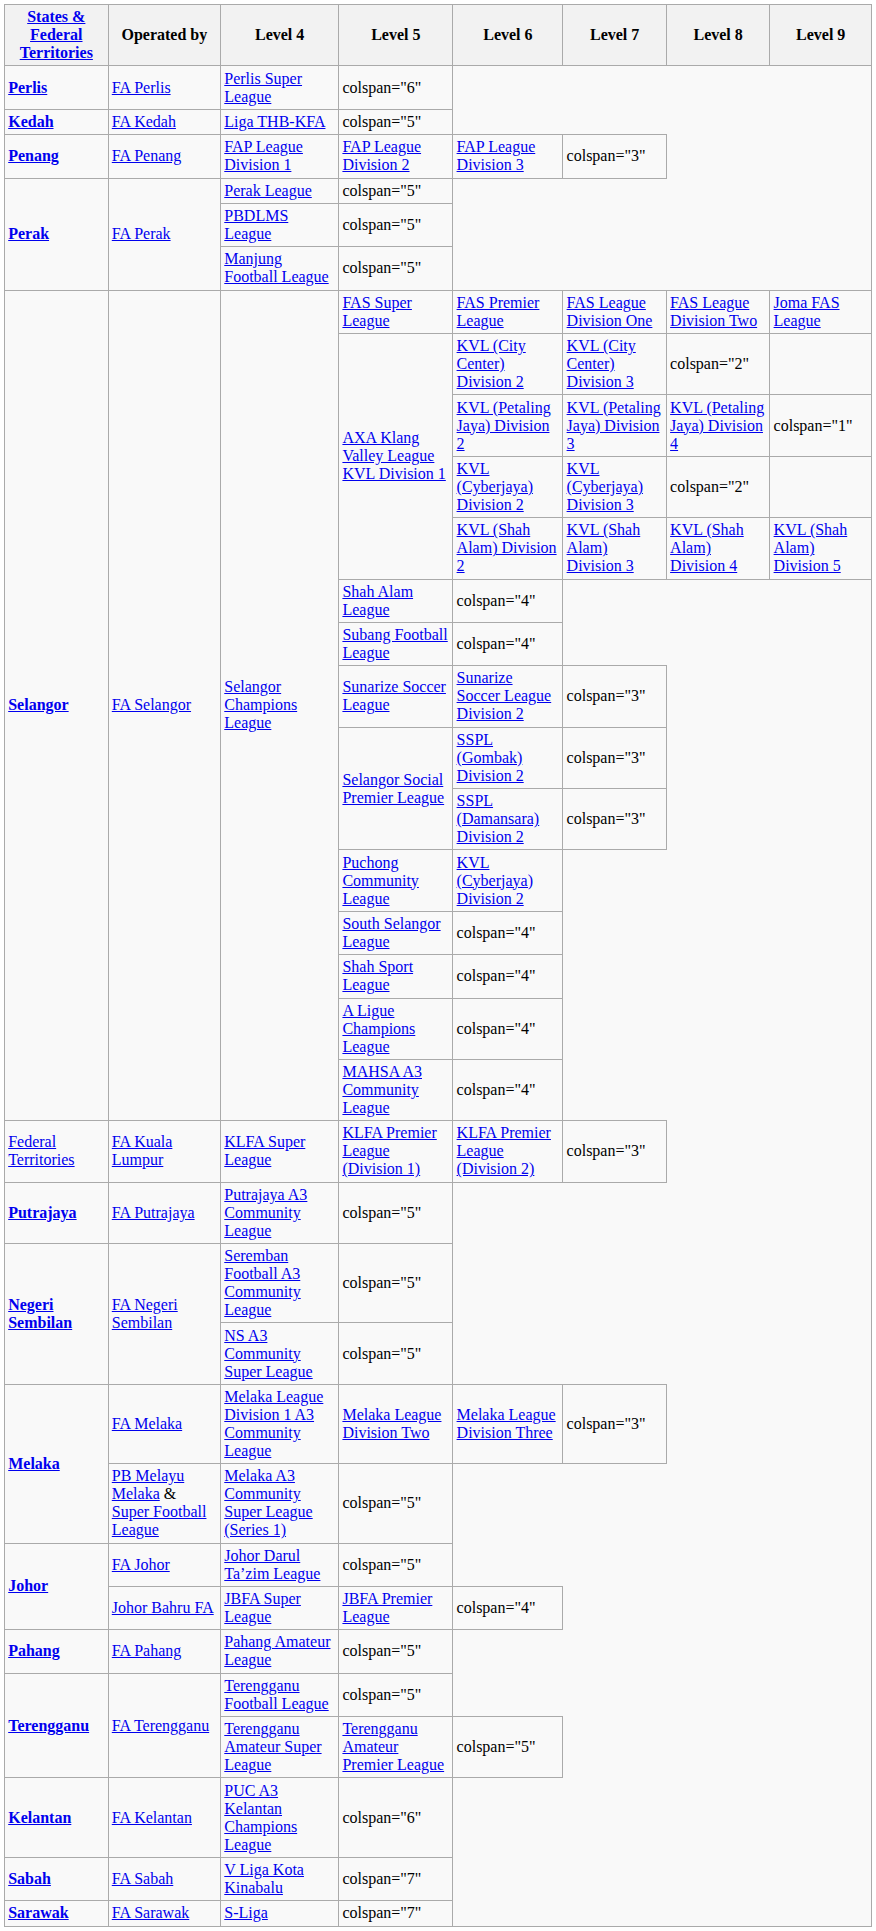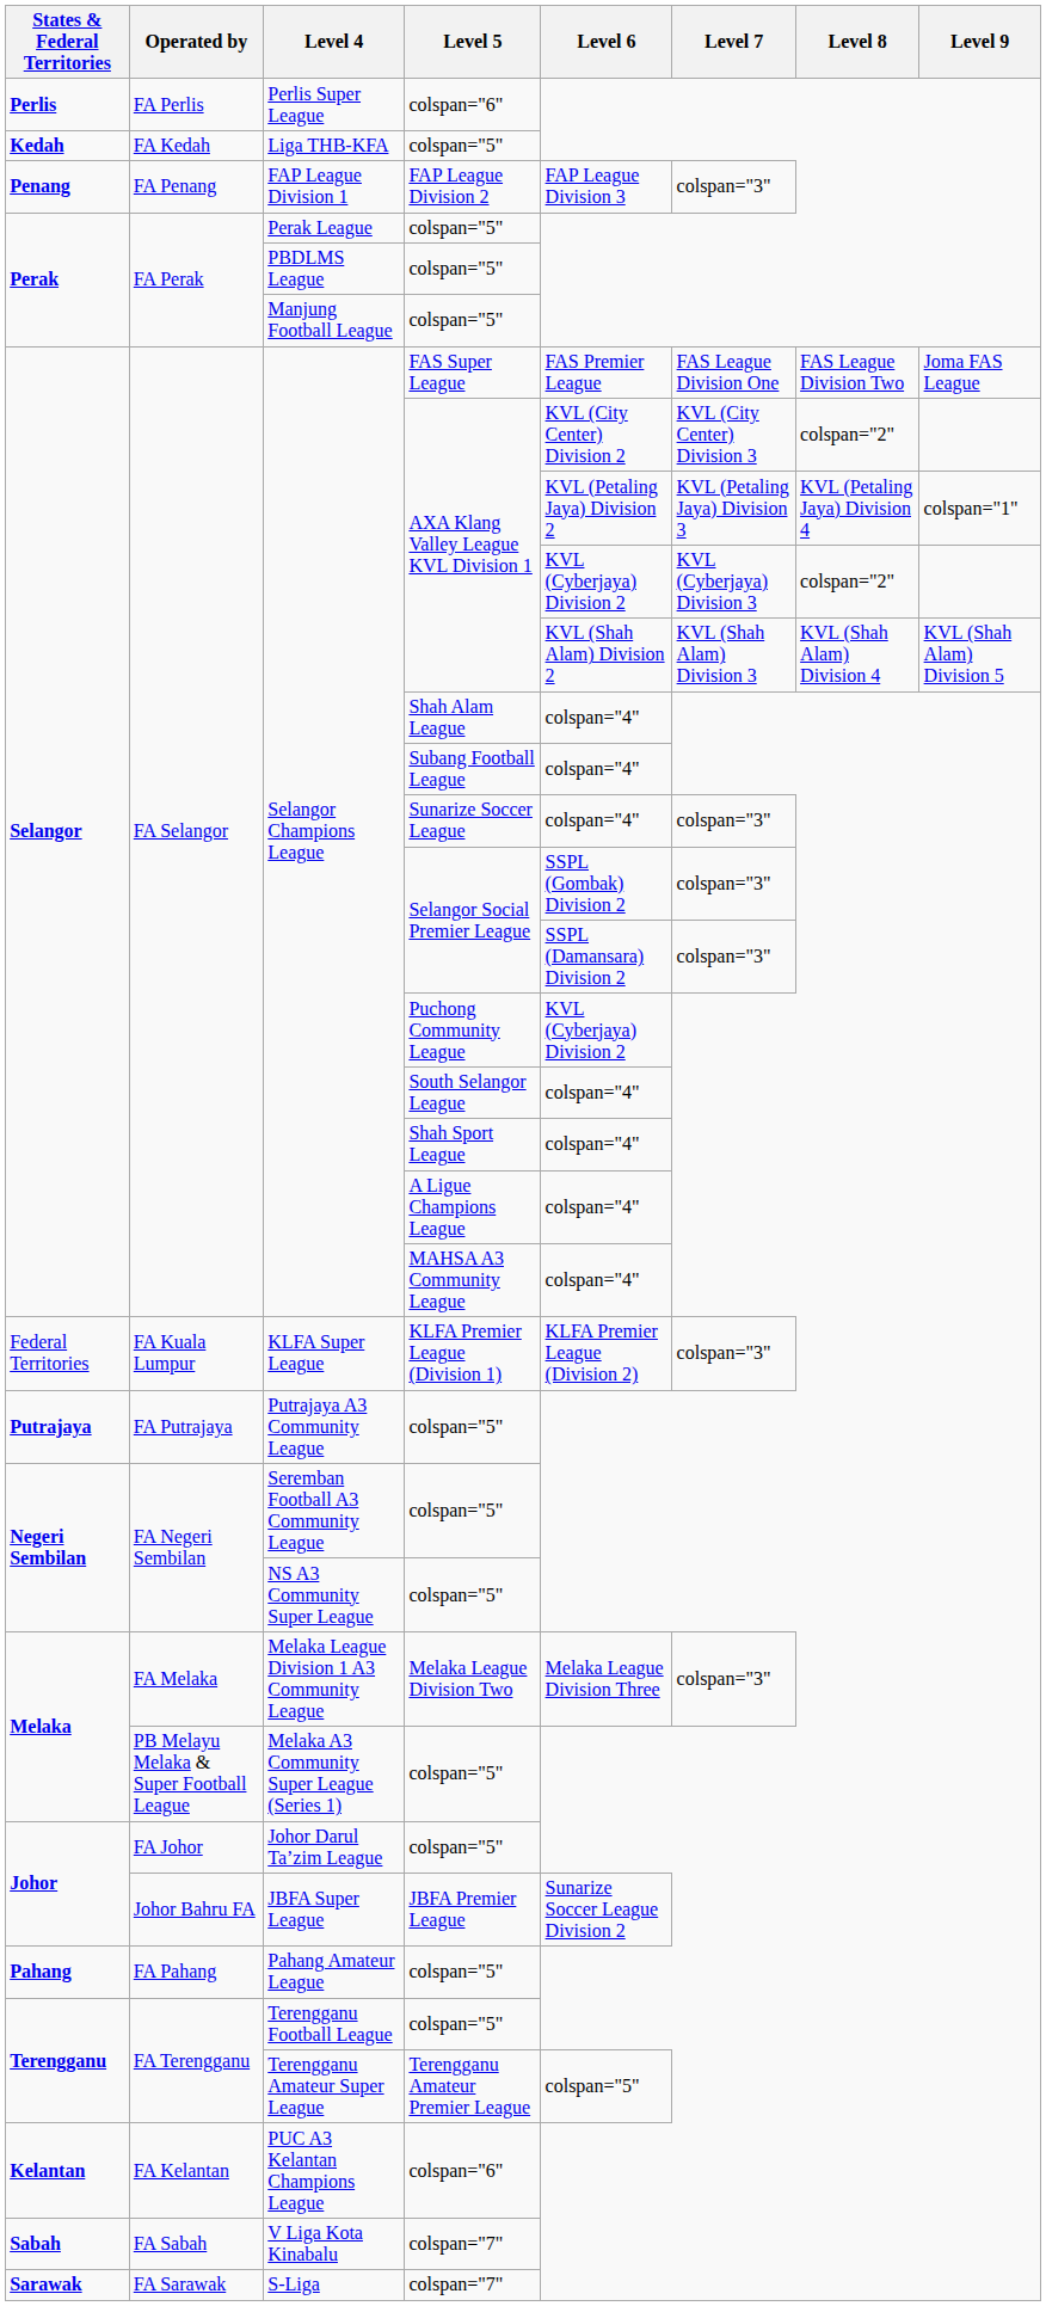 <table class="wikitable sortable">
 <tr>
 <th align="centre"><a href='#'>States & Federal Territories</a></th>
 <th>Operated by</th>
 <th>Level 4</th>
 <th>Level 5</th>
 <th>Level 6</th>
 <th>Level 7</th>
 <th>Level 8</th>
 <th>Level 9</th>
 </tr>
 <tr>
 <td align="centre"> <strong><a href='#'>Perlis</a></strong></td>
 <td><a href='#'>FA Perlis</a></td>
 <td><a href='#'>Perlis Super League</a></td>
 <td>colspan="6" </td>
 </tr>
 <tr>
 <td align="centre"> <strong><a href='#'>Kedah</a></strong></td>
 <td><a href='#'>FA Kedah</a></td>
 <td><a href='#'>Liga THB-KFA</a></td>
 <td>colspan="5" </td>
 </tr>
 <tr>
 <td align="centre"> <strong><a href='#'>Penang</a></strong></td>
 <td><a href='#'>FA Penang</a></td>
 <td><a href='#'>FAP League Division 1</a></td>
 <td><a href='#'>FAP League Division 2</a></td>
 <td><a href='#'>FAP League Division 3</a></td>
 <td>colspan="3" </td>
 </tr>
 <tr>
 </tr>
 <tr>
 <td rowspan="3" align="centre"> <strong><a href='#'>Perak</a></strong></td>
 <td rowspan="3"><a href='#'>FA Perak</a></td>
 <td><a href='#'>Perak League</a></td>
 <td>colspan="5" </td>
 </tr>
 <tr>
 <td><a href='#'>PBDLMS League</a></td>
 <td>colspan="5" </td>
 </tr>
 <tr>
 <td><a href='#'>Manjung Football League</a></td>
 <td>colspan="5" </td>
 </tr>
 <tr>
 <td rowspan="15" align="centre"> <strong><a href='#'>Selangor</a></strong></td>
 <td rowspan="15"><a href='#'>FA Selangor</a></td>
 <td rowspan="15" colspan="1" align="centre"><a href='#'>Selangor Champions League</a></td>
 <td><a href='#'>FAS Super League</a></td>
 <td><a href='#'>FAS Premier League</a></td>
 <td><a href='#'>FAS League Division One</a></td>
 <td><a href='#'>FAS League Division Two</a></td>
 <td><a href='#'>Joma FAS League</a></td>
 </tr>
 <tr>
 <td rowspan="4" colspan="1" align="centre"><a href='#'>AXA Klang Valley League KVL Division 1</a></td>
 <td><a href='#'>KVL (City Center) Division 2</a></td>
 <td><a href='#'>KVL (City Center) Division 3</a></td>
 <td>colspan="2" </td>
 </tr>
 <tr>
 <td><a href='#'>KVL (Petaling Jaya) Division 2</a></td>
 <td><a href='#'>KVL (Petaling Jaya) Division 3</a></td>
 <td><a href='#'>KVL (Petaling Jaya) Division 4</a></td>
 <td>colspan="1" </td>
 </tr>
 <tr>
 <td><a href='#'>KVL (Cyberjaya) Division 2</a></td>
 <td><a href='#'>KVL (Cyberjaya) Division 3</a></td>
 <td>colspan="2" </td>
 </tr>
 <tr>
 <td><a href='#'>KVL (Shah Alam) Division 2</a></td>
 <td><a href='#'>KVL (Shah Alam) Division 3</a></td>
 <td><a href='#'>KVL (Shah Alam) Division 4</a></td>
 <td><a href='#'>KVL (Shah Alam) Division 5</a></td>
 </tr>
 <tr>
 <td><a href='#'>Shah Alam League</a></td>
 <td>colspan="4" </td>
 </tr>
 <tr>
 <td><a href='#'>Subang Football League</a></td>
 <td>colspan="4" </td>
 </tr>
 <tr>
 <td><a href='#'>Sunarize Soccer League</a></td>
-<td><a href='#'>Sunarize Soccer League Division 2</a></td>
+<td>colspan="4" </td>
 <td>colspan="3" </td>
 </tr>
 <tr>
 <td rowspan="2" colspan="1" align="centre"><a href='#'>Selangor Social Premier League</a></td>
 <td><a href='#'>SSPL (Gombak) Division 2</a></td>
 <td>colspan="3" </td>
 </tr>
 <tr>
 <td><a href='#'>SSPL (Damansara) Division 2</a></td>
 <td>colspan="3" </td>
 </tr>
 <tr>
 <td><a href='#'>Puchong Community League</a></td>
 <td><a href='#'>KVL (Cyberjaya) Division 2</a></td>
 </tr>
 <tr>
 <td><a href='#'>South Selangor League</a></td>
 <td>colspan="4" </td>
 </tr>
 <tr>
 <td><a href='#'>Shah Sport League</a></td>
 <td>colspan="4" </td>
 </tr>
 <tr>
 <td><a href='#'>A Ligue Champions League</a></td>
 <td>colspan="4" </td>
 </tr>
 <tr>
 <td><a href='#'>MAHSA A3 Community League</a></td>
 <td>colspan="4" </td>
 </tr>
 <tr>
 <td align="centre"> <a href='#'>Federal Territories</a></td>
 <td><a href='#'>FA Kuala Lumpur</a></td>
 <td><a href='#'>KLFA Super League</a></td>
 <td><a href='#'>KLFA Premier League (Division 1)</a></td>
 <td><a href='#'>KLFA Premier League (Division 2)</a></td>
 <td>colspan="3" </td>
 </tr>
 <tr>
 <td align="centre"> <strong><a href='#'>Putrajaya</a></strong></td>
 <td><a href='#'>FA Putrajaya</a></td>
 <td><a href='#'>Putrajaya A3 Community League</a></td>
 <td>colspan="5" </td>
 </tr>
 <tr>
 <td rowspan="2" align="centre"> <strong><a href='#'>Negeri Sembilan</a></strong></td>
 <td rowspan="2"><a href='#'>FA Negeri Sembilan</a></td>
 <td><a href='#'>Seremban Football A3 Community League</a></td>
 <td>colspan="5" </td>
 </tr>
 <tr>
 <td><a href='#'>NS A3 Community Super League</a></td>
 <td>colspan="5" </td>
 </tr>
 <tr>
 <td rowspan=2> <strong><a href='#'>Melaka</a></strong></td>
 <td><a href='#'>FA Melaka</a></td>
 <td><a href='#'>Melaka League Division 1 A3 Community League</a></td>
 <td><a href='#'>Melaka League Division Two</a></td>
 <td><a href='#'>Melaka League Division Three</a></td>
 <td>colspan="3" </td>
 </tr>
 <tr>
 <td><a href='#'>PB Melayu Melaka</a> & <a href='#'>Super Football League</a></td>
 <td><a href='#'>Melaka A3 Community Super League (Series 1)</a></td>
 <td>colspan="5" </td>
 </tr>
 <tr>
 <td rowspan=2> <strong><a href='#'>Johor</a></strong></td>
 <td><a href='#'>FA Johor</a></td>
 <td><a href='#'>Johor Darul Ta’zim League</a></td>
 <td>colspan="5" </td>
 </tr>
 <tr>
 <td><a href='#'>Johor Bahru FA</a></td>
 <td><a href='#'>JBFA Super League</a></td>
 <td><a href='#'>JBFA Premier League</a></td>
-<td>colspan="4" </td>
+<td><a href='#'>Sunarize Soccer League Division 2</a></td>
 </tr>
 <tr>
 <td align="centre"> <strong><a href='#'>Pahang</a></strong></td>
 <td><a href='#'>FA Pahang</a></td>
 <td><a href='#'>Pahang Amateur League</a></td>
 <td>colspan="5" </td>
 </tr>
 <tr>
 <td rowspan="2" align="centre"> <strong><a href='#'>Terengganu</a></strong></td>
 <td rowspan="2"><a href='#'>FA Terengganu</a></td>
 <td><a href='#'>Terengganu Football League</a></td>
 <td>colspan="5" </td>
 </tr>
 <tr>
 <td><a href='#'>Terengganu Amateur Super League</a></td>
 <td><a href='#'>Terengganu Amateur Premier League</a></td>
 <td>colspan="5" </td>
 </tr>
 <tr>
 <td align="centre"> <strong><a href='#'>Kelantan</a></strong></td>
 <td><a href='#'>FA Kelantan</a></td>
 <td><a href='#'>PUC A3 Kelantan Champions League</a></td>
 <td>colspan="6" </td>
 </tr>
 <tr>
 <td align="centre"> <strong><a href='#'>Sabah</a></strong></td>
 <td><a href='#'>FA Sabah</a></td>
 <td><a href='#'>V Liga Kota Kinabalu</a></td>
 <td>colspan="7" </td>
 </tr>
 <tr>
 <td rowspan="2" align="centre"> <strong><a href='#'>Sarawak</a></strong></td>
 <td rowspan="2"><a href='#'>FA Sarawak</a></td>
 <td><a href='#'>S-Liga</a></td>
 <td>colspan="7" </td>
 </tr>
 </table>
